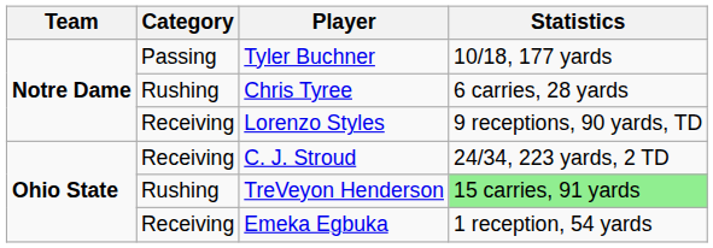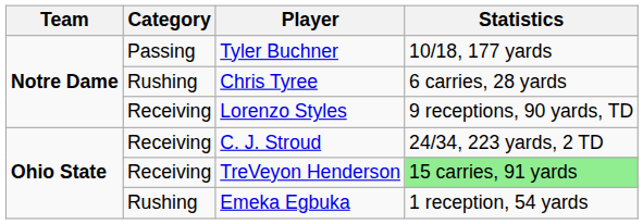 <table class="wikitable" style="float: right;">
 <tr>
 <th>Team</th>
 <th>Category</th>
 <th>Player</th>
 <th>Statistics</th>
 </tr>
 <tr>
 <td rowspan=3><strong>Notre Dame</strong></td>
 <td>Passing</td>
 <td><a href='#'>Tyler Buchner</a></td>
 <td>10/18, 177 yards</td>
 </tr>
 <tr>
 <td>Rushing</td>
 <td><a href='#'>Chris Tyree</a></td>
 <td>6 carries, 28 yards</td>
 </tr>
 <tr>
 <td>Receiving</td>
 <td><a href='#'>Lorenzo Styles</a></td>
 <td>9 receptions, 90 yards, TD</td>
 </tr>
 <tr>
 <td rowspan=3><strong>Ohio State</strong></td>
 <td>Receiving</td>
 <td><a href='#'>C. J. Stroud</a></td>
 <td>24/34, 223 yards, 2 TD</td>
 </tr>
 <tr>
-<td>Rushing</td>
+<td>Receiving</td>
 <td><a href='#'>TreVeyon Henderson</a></td>
 <td style="background: lightgreen;">15 carries, 91 yards</td>
 </tr>
 <tr>
-<td>Receiving</td>
+<td>Rushing</td>
 <td><a href='#'>Emeka Egbuka</a></td>
 <td>1 reception, 54 yards</td>
 </tr>
 </table>
